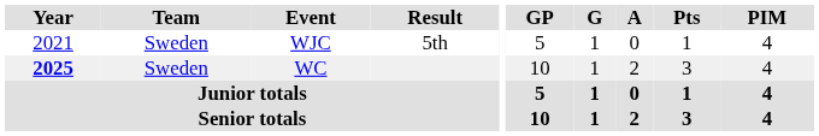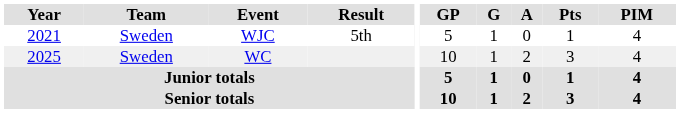 <table border="0" cellpadding="1" cellspacing="0" ID="Table3" style="text-align:center; width:40em">
 <tr ALIGN="center" bgcolor="#e0e0e0">
 <th>Year</th>
 <th>Team</th>
 <th>Event</th>
 <th>Result</th>
 <th rowspan="99" bgcolor="#ffffff"></th>
 <th>GP</th>
 <th>G</th>
 <th>A</th>
 <th>Pts</th>
 <th>PIM</th>
 </tr>
 <tr>
 <td><a href='#'>2021</a></td>
 <td><a href='#'>Sweden</a></td>
 <td><a href='#'>WJC</a></td>
 <td>5th</td>
 <td>5</td>
 <td>1</td>
 <td>0</td>
 <td>1</td>
 <td>4</td>
 </tr>
 <tr bgcolor="#f0f0f0">
-<td><strong><a href='#'>2025</a></strong></td>
+<td><a href='#'>2025</a></td>
 <td><a href='#'>Sweden</a></td>
 <td><a href='#'>WC</a></td>
 <td></td>
 <td>10</td>
 <td>1</td>
 <td>2</td>
 <td>3</td>
 <td>4</td>
 </tr>
 <tr bgcolor="#e0e0e0">
 <th colspan="4">Junior totals</th>
 <th>5</th>
 <th>1</th>
 <th>0</th>
 <th>1</th>
 <th>4</th>
 </tr>
 <tr bgcolor="#e0e0e0">
 <th colspan="4">Senior totals</th>
 <th>10</th>
 <th>1</th>
 <th>2</th>
 <th>3</th>
 <th>4</th>
 </tr>
 </table>
